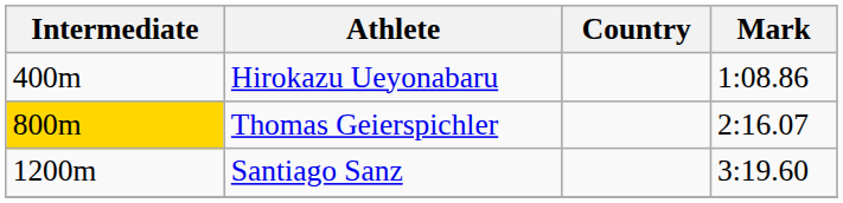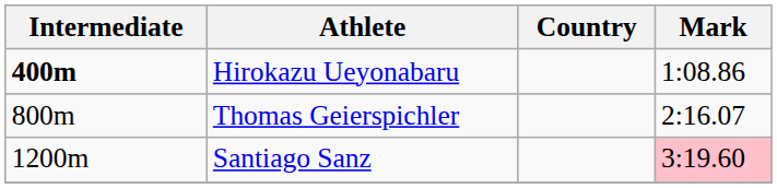 <table class="wikitable" width=50%>
 <tr>
 <th>Intermediate</th>
 <th>Athlete</th>
 <th>Country</th>
 <th>Mark</th>
 </tr>
 <tr>
-<td>400m</td>
+<td><strong>400m</strong></td>
 <td><a href='#'>Hirokazu Ueyonabaru</a></td>
 <td></td>
 <td>1:08.86</td>
 </tr>
 <tr>
-<td style="background: gold;">800m</td>
+<td>800m</td>
 <td><a href='#'>Thomas Geierspichler</a></td>
 <td></td>
 <td>2:16.07</td>
 </tr>
 <tr>
 <td>1200m</td>
 <td><a href='#'>Santiago Sanz</a></td>
 <td></td>
-<td>3:19.60</td>
+<td style="background: pink;">3:19.60</td>
 </tr>
 <tr>
 </tr>
 </table>
